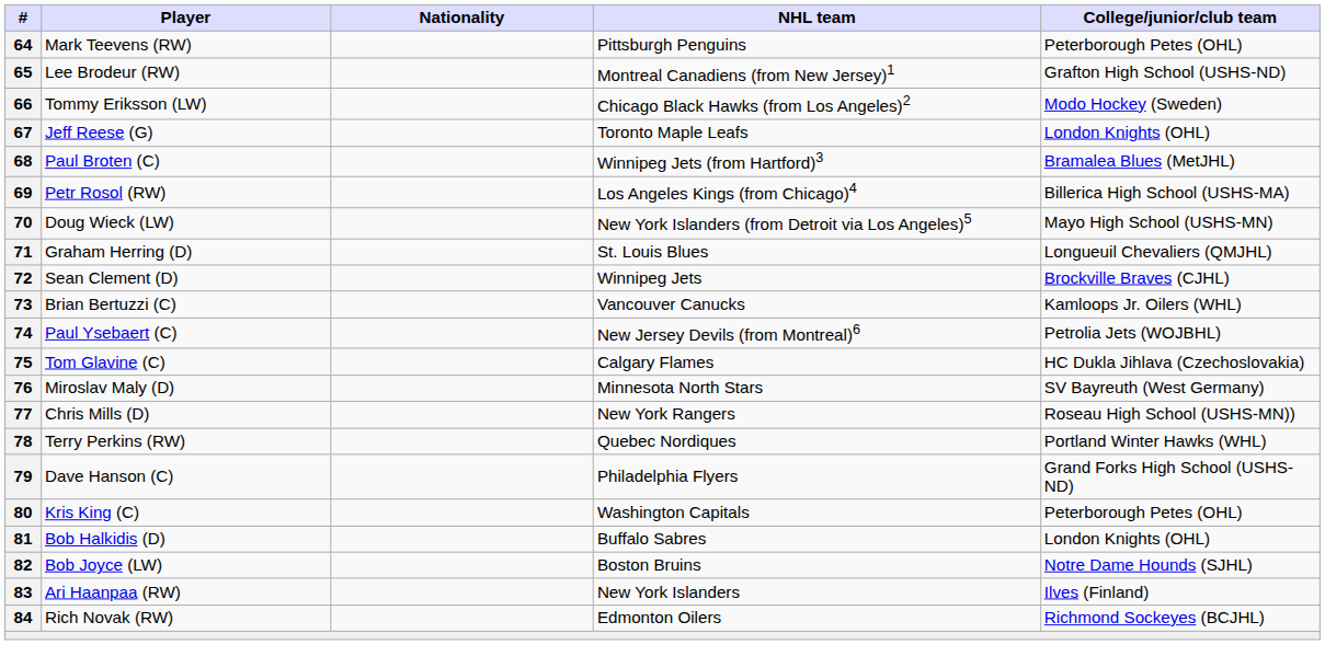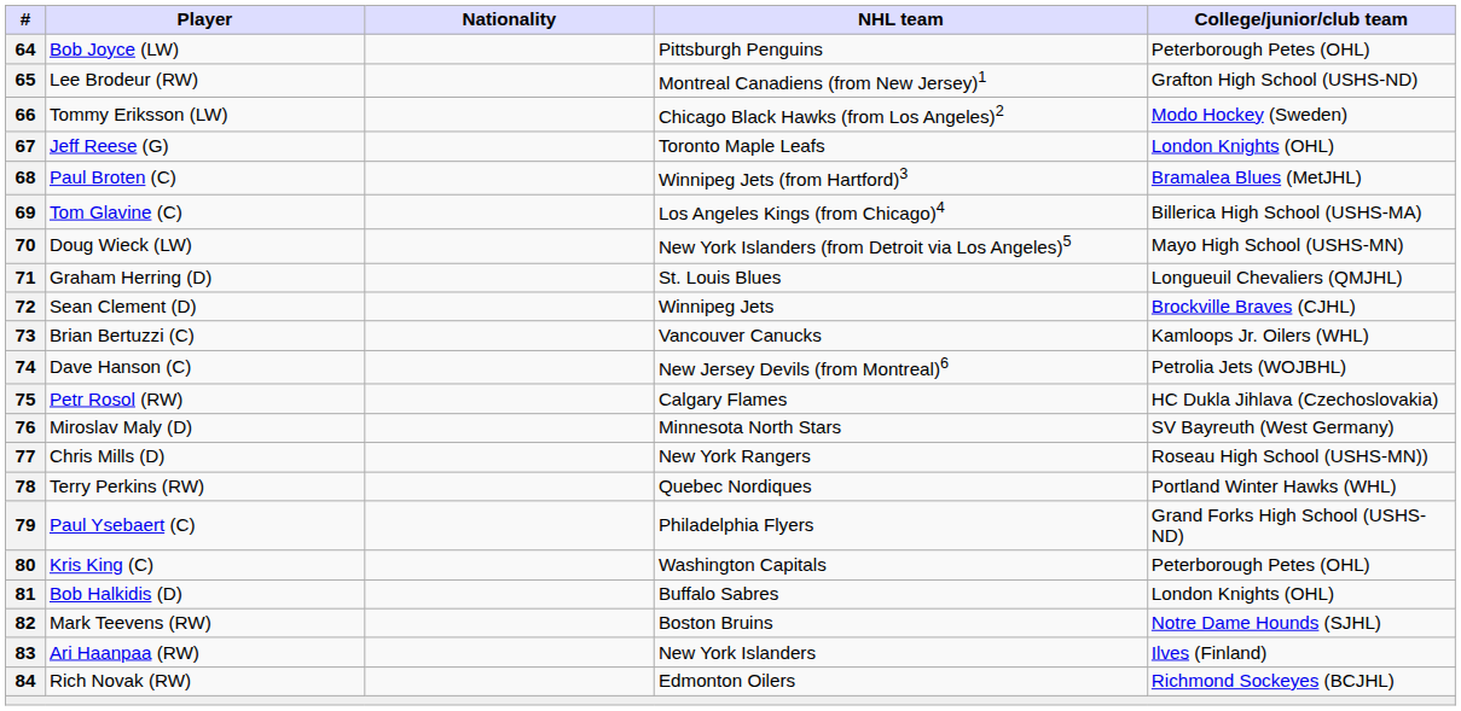 <table class="wikitable" style="width: 100%">
 <tr>
 <th style="background:#ddf; width:2.75%;">#</th>
 <th style="background:#ddf; width:22.0%;">Player</th>
 <th style="background:#ddf; width:20.0%;">Nationality</th>
 <th style="background:#ddf; width:34.0%;">NHL team</th>
 <th style="background:#ddf; width:100.0%;">College/junior/club team</th>
 </tr>
 <tr>
 <th>64</th>
-<td>Mark Teevens (RW)</td>
+<td><a href='#'>Bob Joyce</a> (LW)</td>
 <td></td>
 <td>Pittsburgh Penguins</td>
 <td>Peterborough Petes (OHL)</td>
 </tr>
 <tr>
 <th>65</th>
 <td>Lee Brodeur (RW)</td>
 <td></td>
 <td>Montreal Canadiens (from New Jersey)<sup>1</sup></td>
 <td>Grafton High School (USHS-ND)</td>
 </tr>
 <tr>
 <th>66</th>
 <td>Tommy Eriksson (LW)</td>
 <td></td>
 <td>Chicago Black Hawks (from Los Angeles)<sup>2</sup></td>
 <td><a href='#'>Modo Hockey</a> (Sweden)</td>
 </tr>
 <tr>
 <th>67</th>
 <td><a href='#'>Jeff Reese</a> (G)</td>
 <td></td>
 <td>Toronto Maple Leafs</td>
 <td><a href='#'>London Knights</a> (OHL)</td>
 </tr>
 <tr>
 <th>68</th>
 <td><a href='#'>Paul Broten</a> (C)</td>
 <td></td>
 <td>Winnipeg Jets (from Hartford)<sup>3</sup></td>
 <td><a href='#'>Bramalea Blues</a> (MetJHL)</td>
 </tr>
 <tr>
 <th>69</th>
-<td><a href='#'>Petr Rosol</a> (RW)</td>
+<td><a href='#'>Tom Glavine</a> (C)</td>
 <td></td>
 <td>Los Angeles Kings (from Chicago)<sup>4</sup></td>
 <td>Billerica High School (USHS-MA)</td>
 </tr>
 <tr>
 <th>70</th>
 <td>Doug Wieck (LW)</td>
 <td></td>
 <td>New York Islanders (from Detroit via Los Angeles)<sup>5</sup></td>
 <td>Mayo High School (USHS-MN)</td>
 </tr>
 <tr>
 <th>71</th>
 <td>Graham Herring (D)</td>
 <td></td>
 <td>St. Louis Blues</td>
 <td>Longueuil Chevaliers (QMJHL)</td>
 </tr>
 <tr>
 <th>72</th>
 <td>Sean Clement (D)</td>
 <td></td>
 <td>Winnipeg Jets</td>
 <td><a href='#'>Brockville Braves</a> (CJHL)</td>
 </tr>
 <tr>
 <th>73</th>
 <td>Brian Bertuzzi (C)</td>
 <td></td>
 <td>Vancouver Canucks</td>
 <td>Kamloops Jr. Oilers (WHL)</td>
 </tr>
 <tr>
 <th>74</th>
-<td><a href='#'>Paul Ysebaert</a> (C)</td>
+<td>Dave Hanson (C)</td>
 <td></td>
 <td>New Jersey Devils (from Montreal)<sup>6</sup></td>
 <td>Petrolia Jets (WOJBHL)</td>
 </tr>
 <tr>
 <th>75</th>
-<td><a href='#'>Tom Glavine</a> (C)</td>
+<td><a href='#'>Petr Rosol</a> (RW)</td>
 <td></td>
 <td>Calgary Flames</td>
 <td>HC Dukla Jihlava (Czechoslovakia)</td>
 </tr>
 <tr>
 <th>76</th>
 <td>Miroslav Maly (D)</td>
 <td></td>
 <td>Minnesota North Stars</td>
 <td>SV Bayreuth (West Germany)</td>
 </tr>
 <tr>
 <th>77</th>
 <td>Chris Mills (D)</td>
 <td></td>
 <td>New York Rangers</td>
 <td>Roseau High School (USHS-MN))</td>
 </tr>
 <tr>
 <th>78</th>
 <td>Terry Perkins (RW)</td>
 <td></td>
 <td>Quebec Nordiques</td>
 <td>Portland Winter Hawks (WHL)</td>
 </tr>
 <tr>
 <th>79</th>
-<td>Dave Hanson (C)</td>
+<td><a href='#'>Paul Ysebaert</a> (C)</td>
 <td></td>
 <td>Philadelphia Flyers</td>
 <td>Grand Forks High School (USHS-ND)</td>
 </tr>
 <tr>
 <th>80</th>
 <td><a href='#'>Kris King</a> (C)</td>
 <td></td>
 <td>Washington Capitals</td>
 <td>Peterborough Petes (OHL)</td>
 </tr>
 <tr>
 <th>81</th>
 <td><a href='#'>Bob Halkidis</a> (D)</td>
 <td></td>
 <td>Buffalo Sabres</td>
 <td>London Knights (OHL)</td>
 </tr>
 <tr>
 <th>82</th>
-<td><a href='#'>Bob Joyce</a> (LW)</td>
+<td>Mark Teevens (RW)</td>
 <td></td>
 <td>Boston Bruins</td>
 <td><a href='#'>Notre Dame Hounds</a> (SJHL)</td>
 </tr>
 <tr>
 <th>83</th>
 <td><a href='#'>Ari Haanpaa</a> (RW)</td>
 <td></td>
 <td>New York Islanders</td>
 <td><a href='#'>Ilves</a> (Finland)</td>
 </tr>
 <tr>
 <th>84</th>
 <td>Rich Novak (RW)</td>
 <td></td>
 <td>Edmonton Oilers</td>
 <td><a href='#'>Richmond Sockeyes</a> (BCJHL)</td>
 </tr>
 <tr>
 <td align=center colspan="6" bgcolor="#efefef"></td>
 </tr>
 </table>
